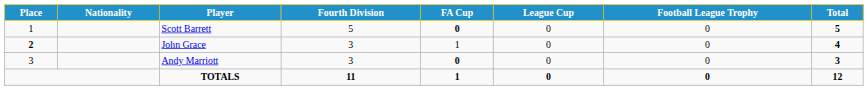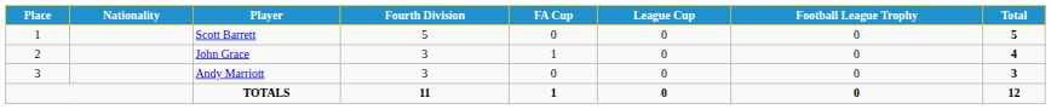 <table class="wikitable" style="text-align:center; font-size:90%; width:100%;">
 <tr>
 <th style="background:#2191CC; color:white; border:1px solid #F7C408; text-align:center;">Place</th>
 <th style="background:#2191CC; color:white; border:1px solid #F7C408; text-align:center;">Nationality</th>
 <th style="background:#2191CC; color:white; border:1px solid #F7C408; text-align:center;">Player</th>
 <th style="background:#2191CC; color:white; border:1px solid #F7C408; text-align:center;">Fourth Division</th>
 <th style="background:#2191CC; color:white; border:1px solid #F7C408; text-align:center;">FA Cup</th>
 <th style="background:#2191CC; color:white; border:1px solid #F7C408; text-align:center;">League Cup</th>
 <th style="background:#2191CC; color:white; border:1px solid #F7C408; text-align:center;">Football League Trophy</th>
 <th style="background:#2191CC; color:white; border:1px solid #F7C408; text-align:center;">Total</th>
 </tr>
 <tr>
 <td>1</td>
 <td></td>
 <td align="left"><a href='#'>Scott Barrett</a></td>
 <td>5</td>
-<td><strong>0</strong></td>
+<td>0</td>
 <td>0</td>
 <td>0</td>
 <td><strong>5</strong></td>
 </tr>
 <tr>
-<td><strong>2</strong></td>
+<td>2</td>
 <td></td>
 <td align="left"><a href='#'>John Grace</a></td>
 <td>3</td>
 <td>1</td>
 <td>0</td>
 <td>0</td>
 <td><strong>4</strong></td>
 </tr>
 <tr>
 <td>3</td>
 <td></td>
 <td align="left"><a href='#'>Andy Marriott</a></td>
 <td>3</td>
-<td><strong>0</strong></td>
+<td>0</td>
 <td>0</td>
 <td>0</td>
 <td><strong>3</strong></td>
 </tr>
 <tr>
 <td colspan="2"></td>
 <td><strong>TOTALS</strong></td>
 <td><strong>11</strong></td>
 <td><strong>1</strong></td>
 <td><strong>0</strong></td>
 <td><strong>0</strong></td>
 <td><strong>12</strong></td>
 </tr>
 </table>
